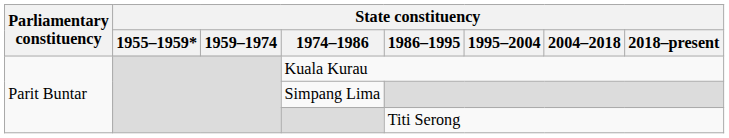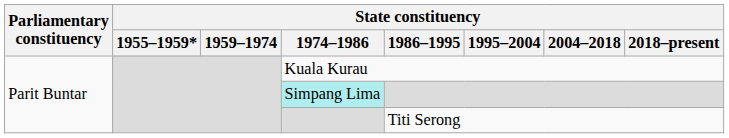 <table class="wikitable">
 <tr>
 <th rowspan="2">Parliamentary<br>constituency</th>
 <th colspan="7">State constituency</th>
 </tr>
 <tr>
 <th>1955–1959*</th>
 <th>1959–1974</th>
 <th>1974–1986</th>
 <th>1986–1995</th>
 <th>1995–2004</th>
 <th>2004–2018</th>
 <th>2018–present</th>
 </tr>
 <tr>
 <td rowspan="3">Parit Buntar</td>
 <td colspan="2" rowspan="3" bgcolor="dcdcdc"></td>
 <td colspan="5">Kuala Kurau</td>
 </tr>
 <tr>
-<td>Simpang Lima</td>
+<td style="background: paleturquoise;">Simpang Lima</td>
 <td colspan="4" bgcolor="dcdcdc"></td>
 </tr>
 <tr>
 <td bgcolor="dcdcdc"></td>
 <td colspan="4">Titi Serong</td>
 </tr>
 </table>
